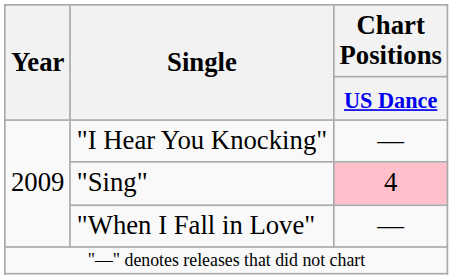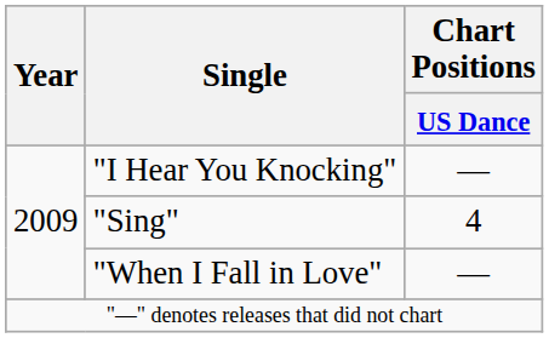 <table class="wikitable" style="text-align:center;">
 <tr>
 <th rowspan="2">Year</th>
 <th rowspan="2">Single</th>
 <th>Chart Positions</th>
 </tr>
 <tr>
 <th width="60"><small><a href='#'>US Dance</a></small></th>
 </tr>
 <tr>
 <td rowspan="3">2009</td>
 <td style="text-align:left;">"I Hear You Knocking"</td>
 <td>—</td>
 </tr>
 <tr>
 <td style="text-align:left;">"Sing"</td>
-<td style="background: pink;">4</td>
+<td>4</td>
 </tr>
 <tr>
 <td style="text-align:left;">"When I Fall in Love"</td>
 <td>—</td>
 </tr>
 <tr>
 <td colspan="3" style="font-size:8pt">"—" denotes releases that did not chart</td>
 </tr>
 </table>
